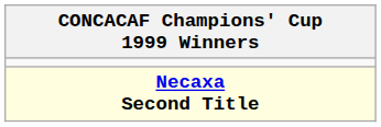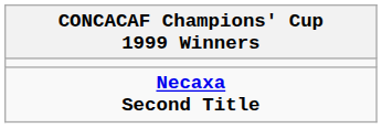 <table class="wikitable" style="text-align: center; margin: 0 auto; width: 20%">
 <tr>
 <th>CONCACAF Champions' Cup<br>1999 Winners</th>
 </tr>
 <tr>
 <td></td>
 </tr>
 <tr>
-<td style="background: lightyellow;"><strong><a href='#'>Necaxa</a></strong><br><strong>Second Title</strong></td>
+<td><strong><a href='#'>Necaxa</a></strong><br><strong>Second Title</strong></td>
 </tr>
 </table>
